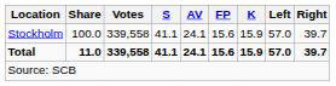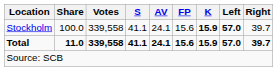 <table class="wikitable sortable" style=text-align:right>
 <tr>
 <th>Location</th>
 <th>Share</th>
 <th>Votes</th>
 <th><a href='#'>S</a></th>
 <th><a href='#'>AV</a></th>
 <th><a href='#'>FP</a></th>
 <th><a href='#'>K</a></th>
 <th>Left</th>
 <th>Right</th>
 </tr>
 <tr>
 <td align=left><a href='#'>Stockholm</a></td>
 <td>100.0</td>
 <td>339,558</td>
 <td>41.1</td>
 <td>24.1</td>
 <td>15.6</td>
-<td>15.9</td>
-<td>57.0</td>
+<td><strong>15.9</strong></td>
+<td><strong>57.0</strong></td>
 <td>39.7</td>
 </tr>
 <tr>
 <td align=left><strong>Total</strong></td>
 <td><strong>11.0</strong></td>
 <td><strong>339,558</strong></td>
 <td><strong>41.1</strong></td>
 <td><strong>24.1</strong></td>
 <td><strong>15.6</strong></td>
 <td><strong>15.9</strong></td>
 <td><strong>57.0</strong></td>
 <td><strong>39.7</strong></td>
 </tr>
 <tr>
 <td align=left colspan=9>Source: SCB </td>
 </tr>
 </table>
